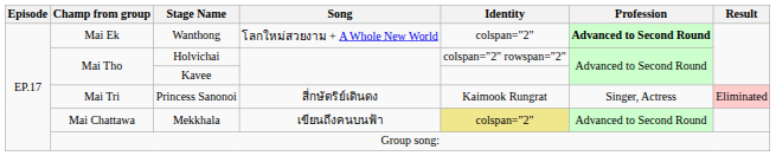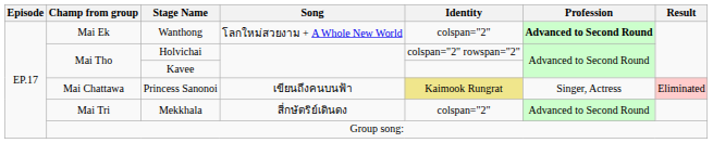 <table class="wikitable" style="text-align:center">
 <tr>
 <th>Episode</th>
 <th>Champ from group</th>
 <th>Stage Name</th>
 <th>Song</th>
 <th>Identity</th>
 <th>Profession</th>
 <th>Result</th>
 </tr>
 <tr>
 <td rowspan="6">EP.17</td>
 <td>Mai Ek</td>
 <td>Wanthong</td>
 <td>โลกใหม่สวยงาม + <a href='#'>A Whole New World</a></td>
 <td>colspan="2"  </td>
 <td style="text-align:center; background:#ccffcc;"><strong>Advanced to Second Round</strong></td>
 </tr>
 <tr>
 <td rowspan="2">Mai Tho</td>
 <td>Holvichai</td>
 <td rowspan="2"></td>
 <td>colspan="2" rowspan="2" </td>
 <td rowspan="2" style="text-align:center; background:#ccffcc;">Advanced to Second Round</td>
 </tr>
 <tr>
 <td>Kavee</td>
 </tr>
 <tr>
-<td>Mai Tri</td>
+<td>Mai Chattawa</td>
 <td>Princess Sanonoi</td>
-<td>สี่กษัตริย์เดินดง</td>
-<td>Kaimook Rungrat</td>
+<td>เขียนถึงคนบนฟ้า</td>
+<td style="background: khaki;">Kaimook Rungrat</td>
 <td>Singer, Actress</td>
 <td style="text-align:center; background:#ffcccc;">Eliminated</td>
 </tr>
 <tr>
-<td>Mai Chattawa</td>
+<td>Mai Tri</td>
 <td>Mekkhala</td>
-<td>เขียนถึงคนบนฟ้า</td>
-<td style="background: khaki;">colspan="2"  </td>
+<td>สี่กษัตริย์เดินดง</td>
+<td>colspan="2"  </td>
 <td style="text-align:center; background:#ccffcc;">Advanced to Second Round</td>
 </tr>
 <tr>
 <td colspan="6">Group song: </td>
 </tr>
 </table>
